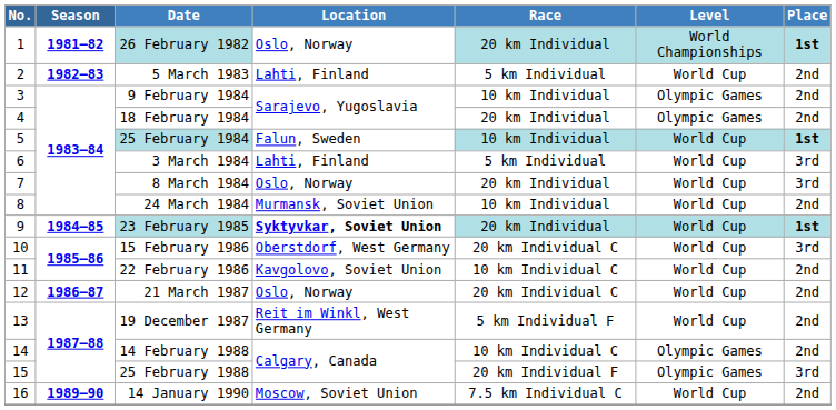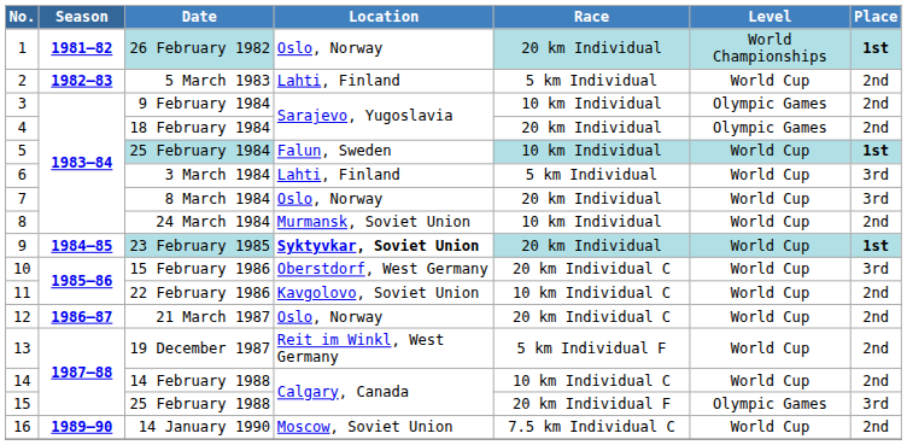 <table class="wikitable sortable" style="font-size:95%; text-align:center; border:grey solid 1px; border-collapse:collapse; background:#ffffff;">
 <tr style="background:#efefef;">
 <th style="background-color:#369; color:white;">No.</th>
 <th style="background-color:#369; color:white;">Season</th>
 <th style="background-color:#4180be; color:white; width:120px;">Date</th>
 <th style="background-color:#4180be; color:white; width:180px;">Location</th>
 <th style="background-color:#4180be; color:white; width:160px;">Race</th>
 <th style="background-color:#4180be; color:white; width:130px;">Level</th>
 <th style="background-color:#4180be; color:white;">Place</th>
 </tr>
 <tr>
 <td align=center>1</td>
 <td rowspan=1 align=center><strong><a href='#'>1981–82</a></strong></td>
 <td bgcolor="#BOEOE6" align=right>26 February 1982</td>
 <td align=left> <a href='#'>Oslo</a>, Norway</td>
 <td bgcolor="#BOEOE6">20 km Individual</td>
 <td bgcolor="#BOEOE6">World Championships</td>
 <td bgcolor="#BOEOE6"><strong>1st</strong></td>
 </tr>
 <tr>
 <td align=center>2</td>
 <td rowspan=1 align=center><strong> <a href='#'>1982–83</a> </strong></td>
 <td align=right>5 March 1983</td>
 <td align=left> <a href='#'>Lahti</a>, Finland</td>
 <td>5 km Individual</td>
 <td>World Cup</td>
 <td>2nd</td>
 </tr>
 <tr>
 <td align=center>3</td>
 <td rowspan=6 align=center><strong> <a href='#'>1983–84</a> </strong></td>
 <td align=right>9 February 1984</td>
 <td rowspan=2 align=left> <a href='#'>Sarajevo</a>, Yugoslavia</td>
 <td>10 km Individual</td>
 <td>Olympic Games</td>
 <td>2nd</td>
 </tr>
 <tr>
 <td align=center>4</td>
 <td align=right>18 February 1984</td>
 <td>20 km Individual</td>
 <td>Olympic Games</td>
 <td>2nd</td>
 </tr>
 <tr>
 <td align=center>5</td>
 <td bgcolor="#BOEOE6" align=right>25 February 1984</td>
 <td align=left> <a href='#'>Falun</a>, Sweden</td>
 <td bgcolor="#BOEOE6">10 km Individual</td>
 <td bgcolor="#BOEOE6">World Cup</td>
 <td bgcolor="#BOEOE6"><strong>1st</strong></td>
 </tr>
 <tr>
 <td align=center>6</td>
 <td align=right>3 March 1984</td>
 <td align=left> <a href='#'>Lahti</a>, Finland</td>
 <td>5 km Individual</td>
 <td>World Cup</td>
 <td>3rd</td>
 </tr>
 <tr>
 <td align=center>7</td>
 <td align=right>8 March 1984</td>
 <td align=left> <a href='#'>Oslo</a>, Norway</td>
 <td>20 km Individual</td>
 <td>World Cup</td>
 <td>3rd</td>
 </tr>
 <tr>
 <td align=center>8</td>
 <td align=right>24 March 1984</td>
 <td align=left> <a href='#'>Murmansk</a>, Soviet Union</td>
 <td>10 km Individual</td>
 <td>World Cup</td>
 <td>2nd</td>
 </tr>
 <tr>
 <td align=center>9</td>
 <td rowspan=1 align=center><strong><a href='#'>1984–85</a></strong></td>
 <td bgcolor="#BOEOE6" align=right>23 February 1985</td>
 <td align=left><strong> <a href='#'>Syktyvkar</a>, Soviet Union</strong></td>
 <td bgcolor="#BOEOE6">20 km Individual</td>
 <td bgcolor="#BOEOE6">World Cup</td>
 <td bgcolor="#BOEOE6"><strong>1st</strong></td>
 </tr>
 <tr>
 <td align=center>10</td>
 <td rowspan=2 align=center><strong> <a href='#'>1985–86</a> </strong></td>
 <td align=right>15 February 1986</td>
 <td align=left> <a href='#'>Oberstdorf</a>, West Germany</td>
 <td>20 km Individual C</td>
 <td>World Cup</td>
 <td>3rd</td>
 </tr>
 <tr>
 <td align=center>11</td>
 <td align=right>22 February 1986</td>
 <td align=left> <a href='#'>Kavgolovo</a>, Soviet Union</td>
 <td>10 km Individual C</td>
 <td>World Cup</td>
 <td>2nd</td>
 </tr>
 <tr>
 <td align=center>12</td>
 <td rowspan=1 align=center><strong> <a href='#'>1986–87</a> </strong></td>
 <td align=right>21 March 1987</td>
 <td align=left> <a href='#'>Oslo</a>, Norway</td>
 <td>20 km Individual C</td>
 <td>World Cup</td>
 <td>2nd</td>
 </tr>
 <tr>
 <td align=center>13</td>
 <td rowspan=3 align=center><strong> <a href='#'>1987–88</a> </strong></td>
 <td align=right>19 December 1987</td>
 <td align=left> <a href='#'>Reit im Winkl</a>, West Germany</td>
 <td>5 km Individual F</td>
 <td>World Cup</td>
 <td>2nd</td>
 </tr>
 <tr>
 <td align=center>14</td>
 <td align=right>14 February 1988</td>
 <td rowspan=2 align=left> <a href='#'>Calgary</a>, Canada</td>
 <td>10 km Individual C</td>
-<td>Olympic Games</td>
+<td>World Cup</td>
 <td>2nd</td>
 </tr>
 <tr>
 <td align=center>15</td>
 <td align=right>25 February 1988</td>
 <td>20 km Individual F</td>
 <td>Olympic Games</td>
 <td>3rd</td>
 </tr>
 <tr>
 <td align=center>16</td>
 <td rowspan=1 align=center><strong> <a href='#'>1989–90</a> </strong></td>
 <td align=right>14 January 1990</td>
 <td align=left> <a href='#'>Moscow</a>, Soviet Union</td>
 <td>7.5 km Individual C</td>
 <td>World Cup</td>
 <td>2nd</td>
 </tr>
 <tr>
 </tr>
 </table>
